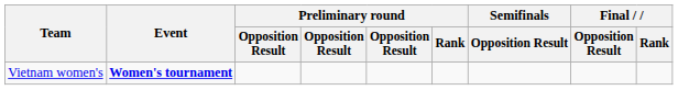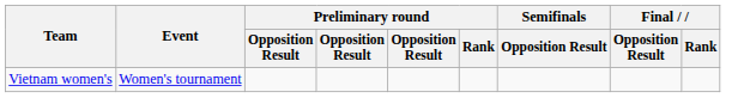 <table class=wikitable style=font-size:90%>
 <tr>
 <th rowspan=2>Team</th>
 <th rowspan=2>Event</th>
 <th colspan=4>Preliminary round</th>
 <th>Semifinals</th>
 <th colspan="2">Final /  / </th>
 </tr>
 <tr style=font-size:95%>
 <th>Opposition<br>Result</th>
 <th>Opposition<br>Result</th>
 <th>Opposition<br>Result</th>
 <th>Rank</th>
 <th>Opposition Result</th>
 <th>Opposition<br>Result</th>
 <th>Rank</th>
 </tr>
 <tr align=center>
 <td align=left><a href='#'>Vietnam women's</a></td>
-<td align=left><strong><a href='#'>Women's tournament</a></strong></td>
+<td align=left><a href='#'>Women's tournament</a></td>
 <td></td>
 <td></td>
 <td></td>
 <td></td>
 <td></td>
 <td></td>
 <td></td>
 </tr>
 </table>
